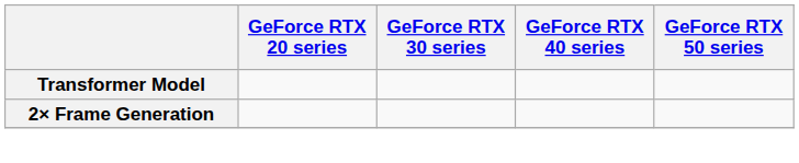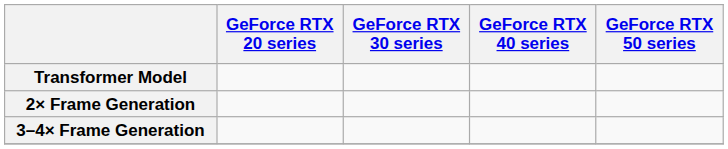 <table class="wikitable plainrowheaders" style="text-align:left; font-size:90%;">
 <tr>
 <th style="width:12em; height:3em;"></th>
 <th><a href='#'>GeForce RTX 20 series</a></th>
 <th><a href='#'>GeForce RTX 30 series</a></th>
 <th><a href='#'>GeForce RTX 40 series</a></th>
 <th><a href='#'>GeForce RTX 50 series</a></th>
 </tr>
 <tr>
 <th scope="row" style"height:2em;">Transformer Model</th>
 <td></td>
 <td></td>
 <td></td>
 <td></td>
 </tr>
 <tr>
 <th scope="row" style"height:2em;">2× Frame Generation</th>
 <td></td>
 <td></td>
 <td></td>
 <td></td>
 </tr>
 <tr>
+<th scope="row" style"height:2em;">3–4× Frame Generation</th>
+<td></td>
+<td></td>
+<td></td>
+<td></td>
+</tr>
+<tr>
 </tr>
 </table>
